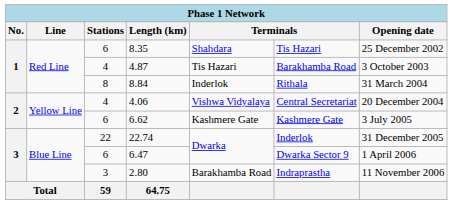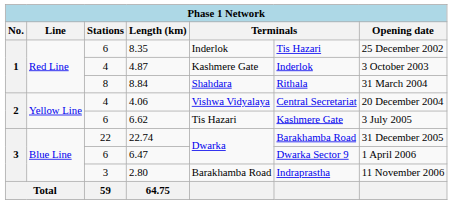 <table class="wikitable sortable" style="font-size:85%;margin:auto">
 <tr>
 <th colspan="7" style="background:#ADD8E6;">Phase 1 Network</th>
 </tr>
 <tr>
 <th>No.</th>
 <th>Line</th>
 <th>Stations</th>
 <th>Length (km)</th>
 <th colspan="2">Terminals</th>
 <th>Opening date</th>
 </tr>
 <tr>
 <th rowspan="3">1</th>
 <td rowspan="3" style="background:#"><a href='#'><span>Red Line</span></a></td>
 <td style="text-align:center;">6</td>
 <td>8.35</td>
-<td><a href='#'>Shahdara</a></td>
+<td>Inderlok</td>
 <td><a href='#'>Tis Hazari</a></td>
 <td>25 December 2002</td>
 </tr>
 <tr>
 <td style="text-align:center;">4</td>
 <td>4.87</td>
-<td>Tis Hazari</td>
-<td><a href='#'>Barakhamba Road</a></td>
+<td>Kashmere Gate</td>
+<td><a href='#'>Inderlok</a></td>
 <td>3 October 2003</td>
 </tr>
 <tr>
 <td style="text-align:center;">8</td>
 <td>8.84</td>
-<td>Inderlok</td>
+<td><a href='#'>Shahdara</a></td>
 <td><a href='#'>Rithala</a></td>
 <td>31 March 2004</td>
 </tr>
 <tr>
 <th rowspan="2">2</th>
 <td rowspan="2" style="background:#"><a href='#'><span>Yellow Line</span></a></td>
 <td style="text-align:center;">4</td>
 <td>4.06</td>
 <td><a href='#'>Vishwa Vidyalaya</a></td>
 <td><a href='#'>Central Secretariat</a></td>
 <td>20 December 2004</td>
 </tr>
 <tr>
 <td style="text-align:center;">6</td>
 <td>6.62</td>
-<td>Kashmere Gate</td>
+<td>Tis Hazari</td>
 <td><a href='#'>Kashmere Gate</a></td>
 <td>3 July 2005</td>
 </tr>
 <tr>
 <th rowspan="3">3</th>
 <td rowspan="3" style="background:#"><a href='#'><span>Blue Line</span></a></td>
 <td style="text-align:center;">22</td>
 <td>22.74</td>
 <td rowspan="2"><a href='#'>Dwarka</a></td>
-<td><a href='#'>Inderlok</a></td>
+<td><a href='#'>Barakhamba Road</a></td>
 <td>31 December 2005</td>
 </tr>
 <tr>
 <td style="text-align:center;">6</td>
 <td>6.47</td>
 <td><a href='#'>Dwarka Sector 9</a></td>
 <td>1 April 2006</td>
 </tr>
 <tr>
 <td style="text-align:center;">3</td>
 <td>2.80</td>
 <td>Barakhamba Road</td>
 <td><a href='#'>Indraprastha</a></td>
 <td>11 November 2006</td>
 </tr>
 <tr>
 <th colspan="2">Total</th>
 <th>59</th>
 <th>64.75</th>
 <th></th>
 <th></th>
 <th></th>
 </tr>
 </table>
